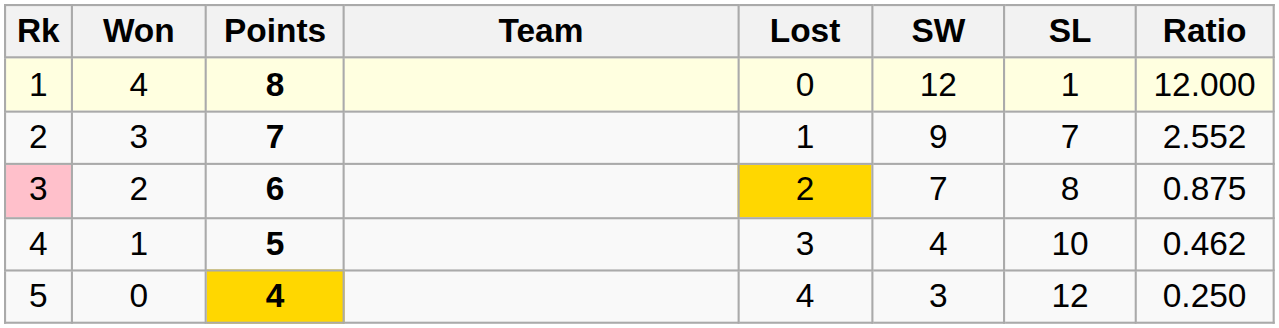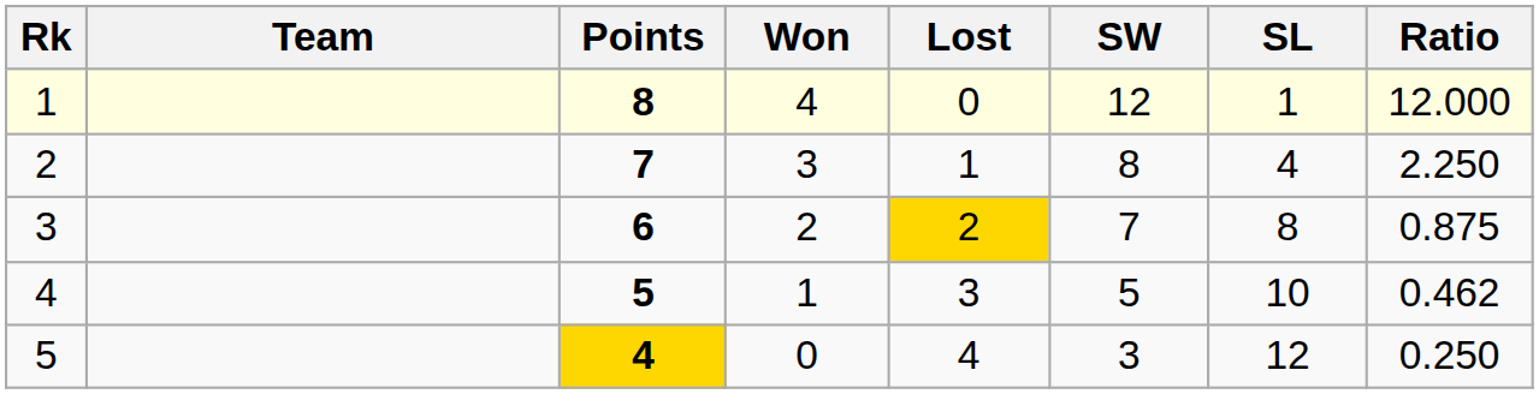 <table class=wikitable style="text-align:center">
 <tr bgcolor="#DCDCDC">
 <th width="25">Rk</th>
+<th width="200">Team</th>
+<th width="60">Points</th>
 <th width="60">Won</th>
-<th width="60">Points</th>
-<th width="200">Team</th>
 <th width="60">Lost</th>
 <th width="60">SW</th>
 <th width="60">SL</th>
 <th width="60">Ratio</th>
 </tr>
 <tr bgcolor=lightyellow>
 <td>1</td>
+<td align=left></td>
+<td><strong>8</strong></td>
 <td>4</td>
-<td><strong>8</strong></td>
-<td align=left></td>
 <td>0</td>
 <td>12</td>
 <td>1</td>
 <td>12.000</td>
 </tr>
 <tr>
 <td>2</td>
+<td align=left></td>
+<td><strong>7</strong></td>
 <td>3</td>
-<td><strong>7</strong></td>
-<td align=left></td>
 <td>1</td>
-<td>9</td>
-<td>7</td>
-<td>2.552</td>
+<td>8</td>
+<td>4</td>
+<td>2.250</td>
 </tr>
 <tr>
-<td style="background: pink;">3</td>
+<td>3</td>
+<td align=left></td>
+<td><strong>6</strong></td>
 <td>2</td>
-<td><strong>6</strong></td>
-<td align=left></td>
 <td style="background: gold;">2</td>
 <td>7</td>
 <td>8</td>
 <td>0.875</td>
 </tr>
 <tr>
 <td>4</td>
+<td align=left></td>
+<td><strong>5</strong></td>
 <td>1</td>
-<td><strong>5</strong></td>
-<td align=left></td>
 <td>3</td>
-<td>4</td>
+<td>5</td>
 <td>10</td>
 <td>0.462</td>
 </tr>
 <tr>
 <td>5</td>
+<td align=left></td>
+<td style="background: gold;"><strong>4</strong></td>
 <td>0</td>
-<td style="background: gold;"><strong>4</strong></td>
-<td align=left></td>
 <td>4</td>
 <td>3</td>
 <td>12</td>
 <td>0.250</td>
 </tr>
 </table>
